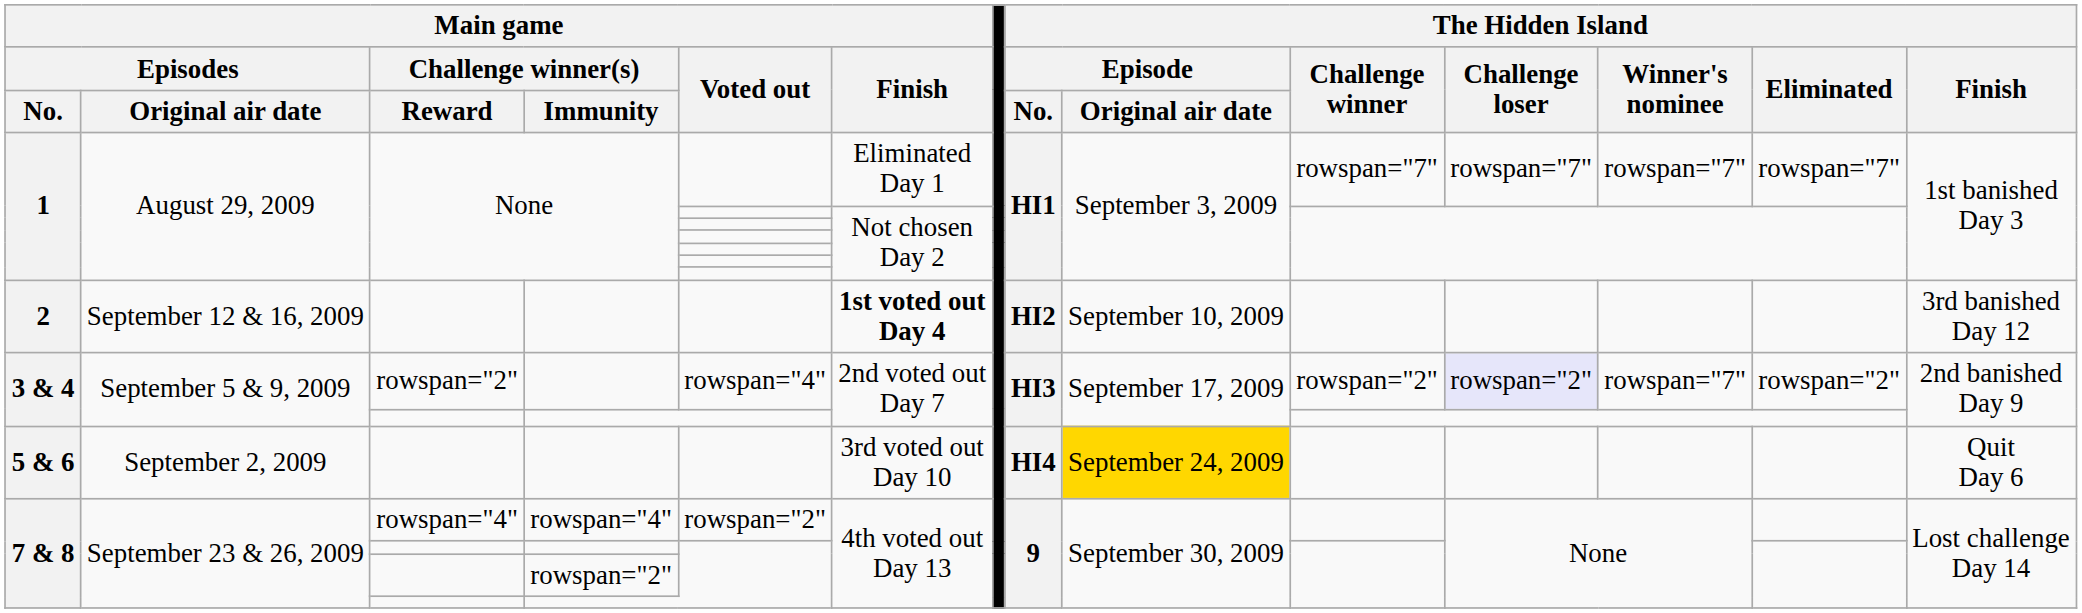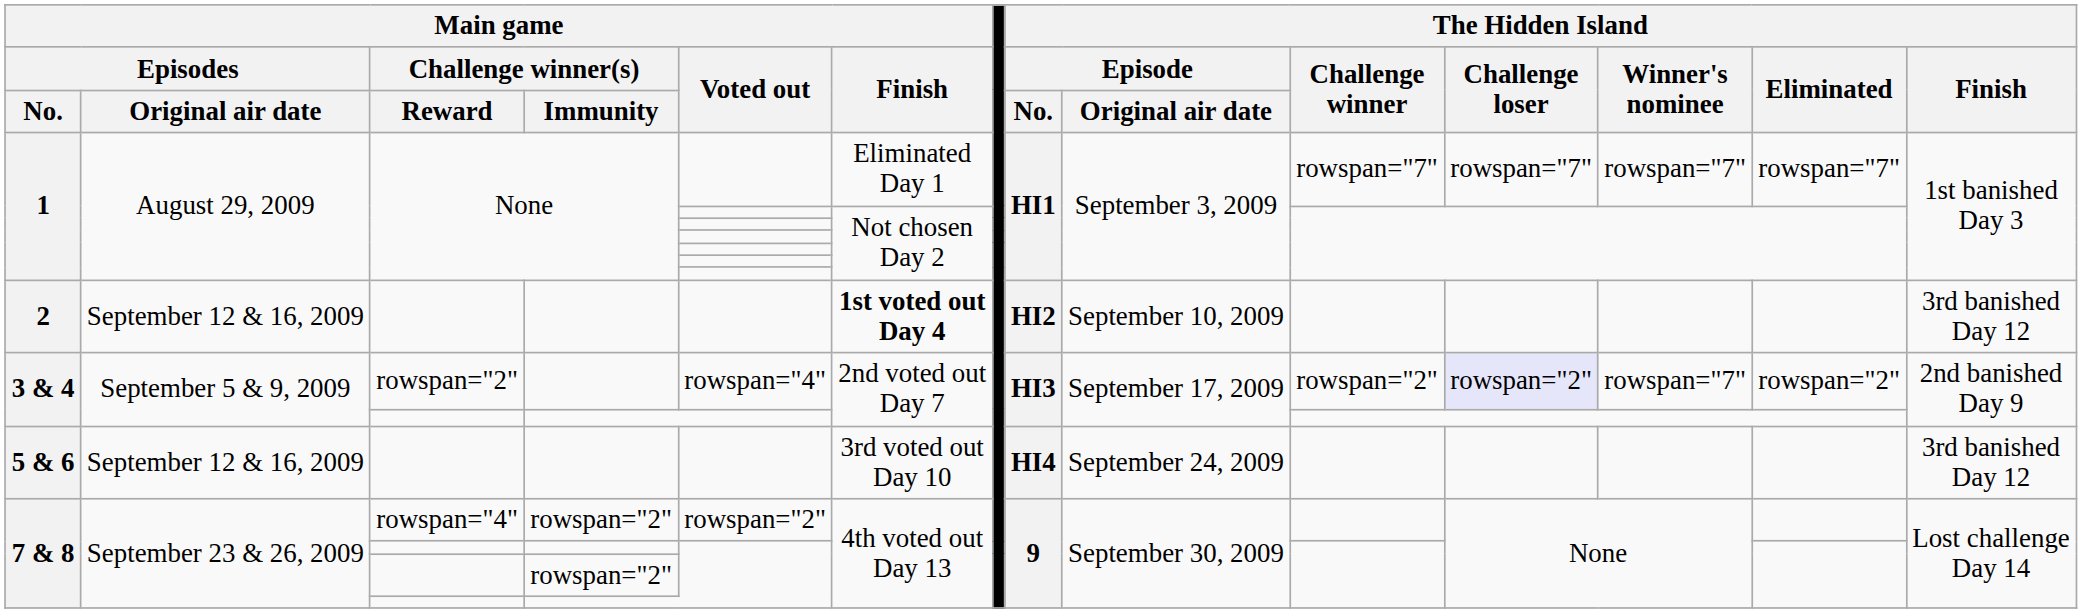 <table class="wikitable nowrap" style="margin:auto; text-align:center">
 <tr>
 <th colspan="6">Main game</th>
 <td rowspan="24" bgcolor="black"></td>
 <th colspan="7">The Hidden Island</th>
 </tr>
 <tr>
 <th colspan="2">Episodes</th>
 <th colspan="2">Challenge winner(s)</th>
 <th rowspan="2">Voted out</th>
 <th rowspan="2">Finish</th>
 <th colspan="2">Episode</th>
 <th rowspan="2">Challenge<br>winner</th>
 <th rowspan="2">Challenge<br>loser</th>
 <th rowspan="2">Winner's<br>nominee</th>
 <th rowspan="2">Eliminated</th>
 <th rowspan="2">Finish</th>
 </tr>
 <tr>
 <th>No.</th>
 <th>Original air date</th>
 <th>Reward</th>
 <th>Immunity</th>
 <th>No.</th>
 <th>Original air date</th>
 </tr>
 <tr>
 <th rowspan="7">1</th>
 <td rowspan="7">August 29, 2009</td>
 <td rowspan="7" colspan="2">None</td>
 <td></td>
 <td>Eliminated<br>Day 1</td>
 <th rowspan="7">HI1</th>
 <td rowspan="7">September 3, 2009</td>
 <td>rowspan="7" </td>
 <td>rowspan="7" </td>
 <td>rowspan="7" </td>
 <td>rowspan="7" </td>
 <td rowspan="7">1st banished<br>Day 3</td>
 </tr>
 <tr>
 <td></td>
 <td rowspan="6">Not chosen<br>Day 2</td>
 </tr>
 <tr>
 <td></td>
 </tr>
 <tr>
 <td></td>
 </tr>
 <tr>
 <td></td>
 </tr>
 <tr>
 <td></td>
 </tr>
 <tr>
 <td></td>
 </tr>
 <tr>
 <th>2</th>
 <td>September 12 & 16, 2009</td>
 <td></td>
 <td></td>
 <td></td>
 <td><strong>1st voted out<br>Day 4</strong></td>
 <th>HI2</th>
 <td>September 10, 2009</td>
 <td></td>
 <td></td>
 <td></td>
 <td></td>
 <td>3rd banished<br>Day 12</td>
 </tr>
 <tr>
 <th rowspan="2">3 & 4</th>
 <td rowspan="2">September 5 & 9, 2009</td>
 <td>rowspan="2" </td>
 <td></td>
 <td>rowspan="4" </td>
 <td rowspan="2">2nd voted out<br>Day 7</td>
 <th rowspan="2">HI3</th>
 <td rowspan="2">September 17, 2009</td>
 <td>rowspan="2" </td>
 <td style="background: lavender;">rowspan="2" </td>
 <td>rowspan="7" </td>
 <td>rowspan="2" </td>
 <td rowspan="2">2nd banished<br>Day 9</td>
 </tr>
 <tr>
 <td></td>
 </tr>
 <tr>
 <th>5 & 6</th>
-<td>September 2, 2009</td>
+<td>September 12 & 16, 2009</td>
 <td></td>
 <td></td>
 <td></td>
 <td>3rd voted out<br>Day 10</td>
 <th>HI4</th>
-<td style="background: gold;">September 24, 2009</td>
+<td>September 24, 2009</td>
 <td></td>
 <td></td>
 <td></td>
 <td></td>
-<td>Quit<br>Day 6</td>
+<td>3rd banished<br>Day 12</td>
 </tr>
 <tr>
 <th rowspan="4">7 & 8</th>
 <td rowspan="4">September 23 & 26, 2009</td>
 <td>rowspan="4" </td>
-<td>rowspan="4" </td>
+<td>rowspan="2" </td>
 <td>rowspan="2" </td>
 <td rowspan="4">4th voted out<br>Day 13</td>
 <th rowspan="4">9</th>
 <td rowspan="4">September 30, 2009</td>
 <td></td>
 <td rowspan="4" colspan="2">None</td>
 <td></td>
 <td rowspan="4">Lost challenge<br>Day 14</td>
 </tr>
 <tr>
 <td></td>
 <td></td>
 </tr>
 <tr>
 <td></td>
 <td>rowspan="2" </td>
 </tr>
 <tr>
 <td></td>
 </tr>
 </table>
